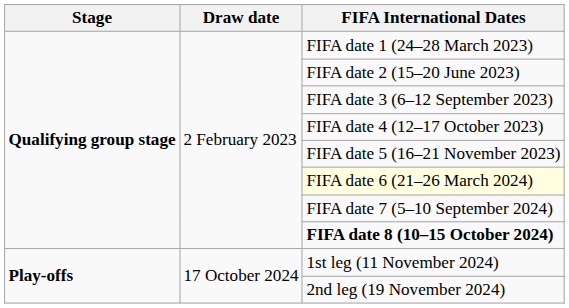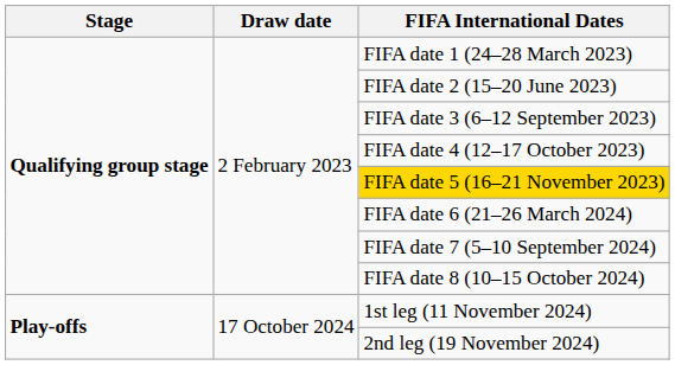 <table class="wikitable">
 <tr>
 <th>Stage</th>
 <th>Draw date</th>
 <th>FIFA International Dates</th>
 </tr>
 <tr>
 <td rowspan="8"><strong>Qualifying group stage</strong></td>
 <td rowspan="8">2 February 2023</td>
 <td>FIFA date 1 (24–28 March 2023)</td>
 </tr>
 <tr>
 <td>FIFA date 2 (15–20 June 2023)</td>
 </tr>
 <tr>
 <td>FIFA date 3 (6–12 September 2023)</td>
 </tr>
 <tr>
 <td>FIFA date 4 (12–17 October 2023)</td>
 </tr>
 <tr>
-<td>FIFA date 5 (16–21 November 2023)</td>
+<td style="background: gold;">FIFA date 5 (16–21 November 2023)</td>
 </tr>
 <tr>
-<td style="background: lightyellow;">FIFA date 6 (21–26 March 2024)</td>
+<td>FIFA date 6 (21–26 March 2024)</td>
 </tr>
 <tr>
 <td>FIFA date 7 (5–10 September 2024)</td>
 </tr>
 <tr>
-<td><strong>FIFA date 8 (10–15 October 2024)</strong></td>
+<td>FIFA date 8 (10–15 October 2024)</td>
 </tr>
 <tr>
 <td rowspan="2"><strong>Play-offs</strong></td>
 <td rowspan="2">17 October 2024</td>
 <td>1st leg (11 November 2024)</td>
 </tr>
 <tr>
 <td>2nd leg (19 November 2024)</td>
 </tr>
 </table>
